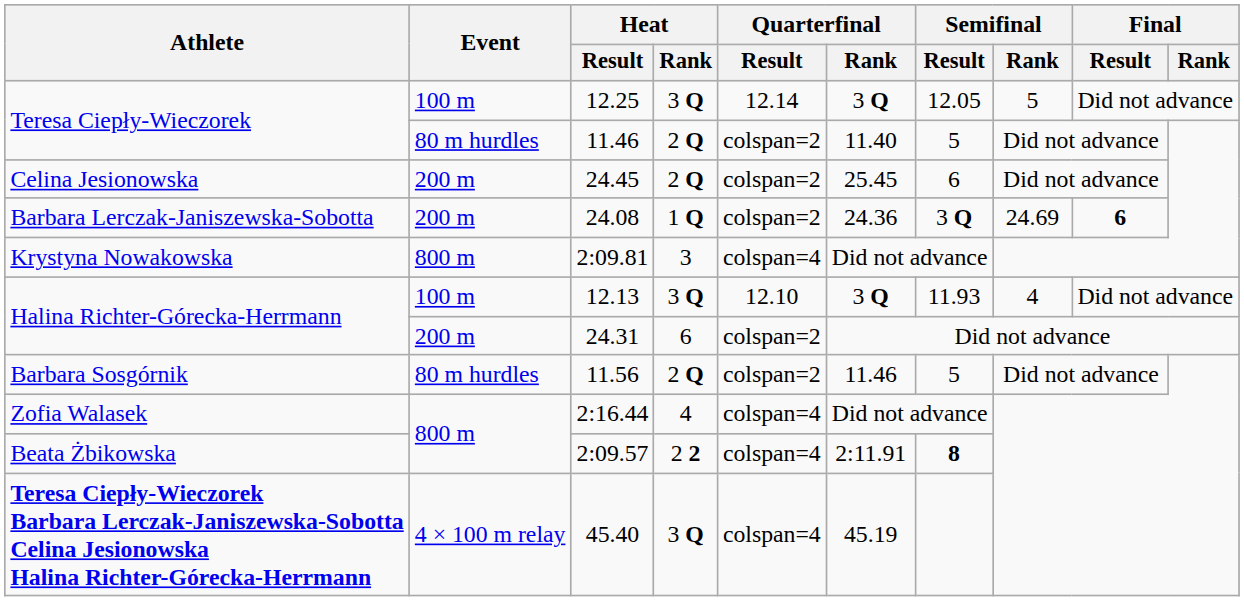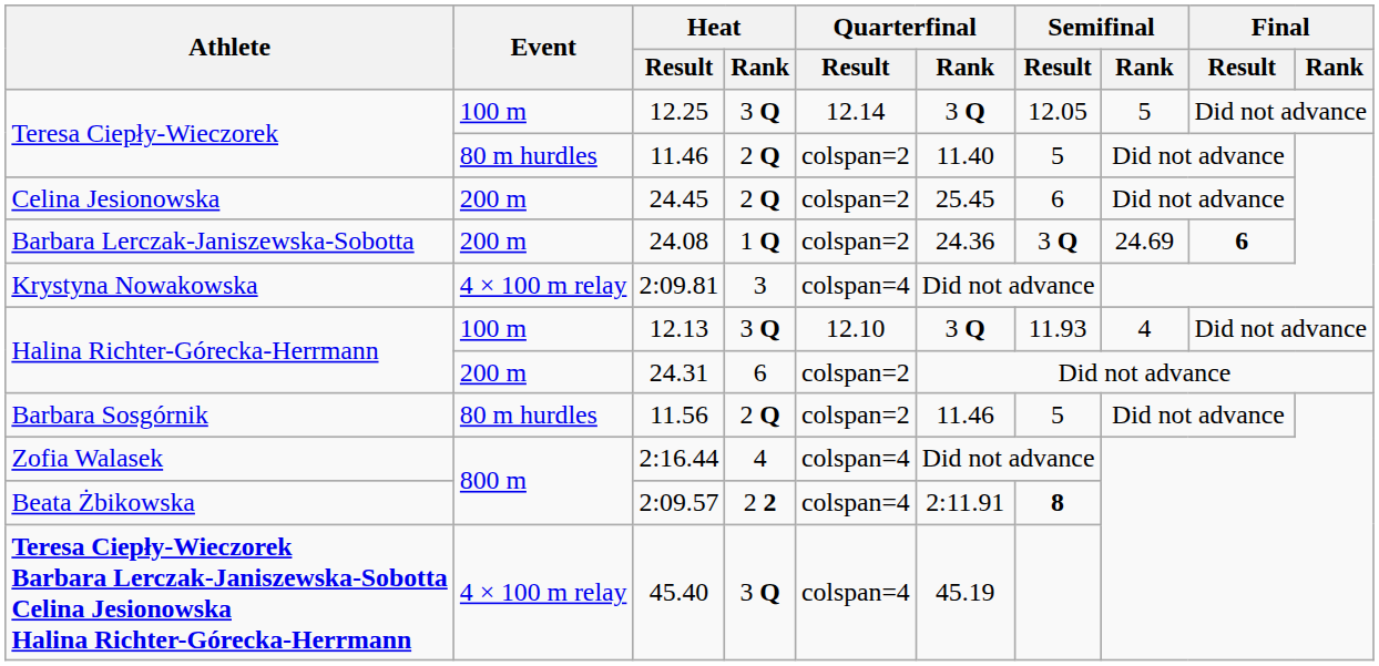 <table class="wikitable" style="font-size:90%">
 <tr>
 <th rowspan="2">Athlete</th>
 <th rowspan="2">Event</th>
 <th colspan="2">Heat</th>
 <th colspan="2">Quarterfinal</th>
 <th colspan="2">Semifinal</th>
 <th colspan="2">Final</th>
 </tr>
 <tr style="font-size:95%">
 <th>Result</th>
 <th>Rank</th>
 <th>Result</th>
 <th>Rank</th>
 <th>Result</th>
 <th>Rank</th>
 <th>Result</th>
 <th>Rank</th>
 </tr>
 <tr align=center>
 <td align=left rowspan=2><a href='#'>Teresa Ciepły-Wieczorek</a></td>
 <td align=left><a href='#'>100 m</a></td>
 <td>12.25</td>
 <td>3 <strong>Q</strong></td>
 <td>12.14</td>
 <td>3 <strong>Q</strong></td>
 <td>12.05</td>
 <td>5</td>
 <td colspan=2>Did not advance</td>
 </tr>
 <tr align=center>
 <td align=left><a href='#'>80 m hurdles</a></td>
 <td>11.46</td>
 <td>2 <strong>Q</strong></td>
 <td>colspan=2 </td>
 <td>11.40</td>
 <td>5</td>
 <td colspan=2>Did not advance</td>
 </tr>
 <tr align=center>
 <td align=left><a href='#'>Celina Jesionowska</a></td>
 <td align=left><a href='#'>200 m</a></td>
 <td>24.45</td>
 <td>2 <strong>Q</strong></td>
 <td>colspan=2 </td>
 <td>25.45</td>
 <td>6</td>
 <td colspan=2>Did not advance</td>
 </tr>
 <tr align=center>
 <td align=left><a href='#'>Barbara Lerczak-Janiszewska-Sobotta</a></td>
 <td align=left><a href='#'>200 m</a></td>
 <td>24.08</td>
 <td>1 <strong>Q</strong></td>
 <td>colspan=2 </td>
 <td>24.36</td>
 <td>3 <strong>Q</strong></td>
 <td>24.69</td>
 <td><strong>6</strong></td>
 </tr>
 <tr align=center>
 <td align=left><a href='#'>Krystyna Nowakowska</a></td>
-<td align=left><a href='#'>800 m</a></td>
+<td align=left><a href='#'>4 × 100 m relay</a></td>
 <td>2:09.81</td>
 <td>3</td>
 <td>colspan=4 </td>
 <td colspan=2>Did not advance</td>
 </tr>
 <tr align=center>
 <td align=left rowspan=2><a href='#'>Halina Richter-Górecka-Herrmann</a></td>
 <td align=left><a href='#'>100 m</a></td>
 <td>12.13</td>
 <td>3 <strong>Q</strong></td>
 <td>12.10</td>
 <td>3 <strong>Q</strong></td>
 <td>11.93</td>
 <td>4</td>
 <td colspan=2>Did not advance</td>
 </tr>
 <tr align=center>
 <td align=left><a href='#'>200 m</a></td>
 <td>24.31</td>
 <td>6</td>
 <td>colspan=2 </td>
 <td colspan=6>Did not advance</td>
 </tr>
 <tr align=center>
 <td align=left><a href='#'>Barbara Sosgórnik</a></td>
 <td align=left><a href='#'>80 m hurdles</a></td>
 <td>11.56</td>
 <td>2 <strong>Q</strong></td>
 <td>colspan=2 </td>
 <td>11.46</td>
 <td>5</td>
 <td colspan=2>Did not advance</td>
 </tr>
 <tr align=center>
 <td align=left><a href='#'>Zofia Walasek</a></td>
 <td align=left rowspan=2><a href='#'>800 m</a></td>
 <td>2:16.44</td>
 <td>4</td>
 <td>colspan=4 </td>
 <td colspan=2>Did not advance</td>
 </tr>
 <tr align=center>
 <td align=left><a href='#'>Beata Żbikowska</a></td>
 <td>2:09.57</td>
 <td>2 <strong>2</strong></td>
 <td>colspan=4 </td>
 <td>2:11.91</td>
 <td><strong>8</strong></td>
 </tr>
 <tr align=center>
 <td align=left><strong><a href='#'>Teresa Ciepły-Wieczorek</a><br><a href='#'>Barbara Lerczak-Janiszewska-Sobotta</a><br><a href='#'>Celina Jesionowska</a><br><a href='#'>Halina Richter-Górecka-Herrmann</a></strong></td>
 <td align=left><a href='#'>4 × 100 m relay</a></td>
 <td>45.40</td>
 <td>3 <strong>Q</strong></td>
 <td>colspan=4 </td>
 <td>45.19</td>
 <td></td>
 </tr>
 </table>
